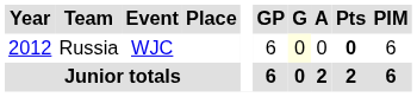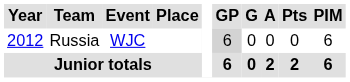 <table BORDER="0" CELLPADDING="3" CELLSPACING="0" width=40%>
 <tr ALIGN="center" bgcolor="#e0e0e0">
 <th>Year</th>
 <th>Team</th>
 <th>Event</th>
 <th>Place</th>
 <th ALIGN="center" rowspan="99" bgcolor="#ffffff"> </th>
 <th>GP</th>
 <th>G</th>
 <th>A</th>
 <th>Pts</th>
 <th>PIM</th>
 </tr>
 <tr ALIGN="center">
 <td><a href='#'>2012</a></td>
 <td>Russia</td>
 <td><a href='#'>WJC</a></td>
 <td></td>
-<td>6</td>
-<td style="background: lightyellow;">0</td>
+<td style="background: lightgrey;">6</td>
 <td>0</td>
-<td><strong>0</strong></td>
+<td>0</td>
+<td>0</td>
 <td>6</td>
 </tr>
 <tr bgcolor="#e0e0e0">
 <th colspan="4">Junior totals</th>
 <th>6</th>
 <th>0</th>
 <th>2</th>
 <th>2</th>
 <th>6</th>
 </tr>
 </table>
